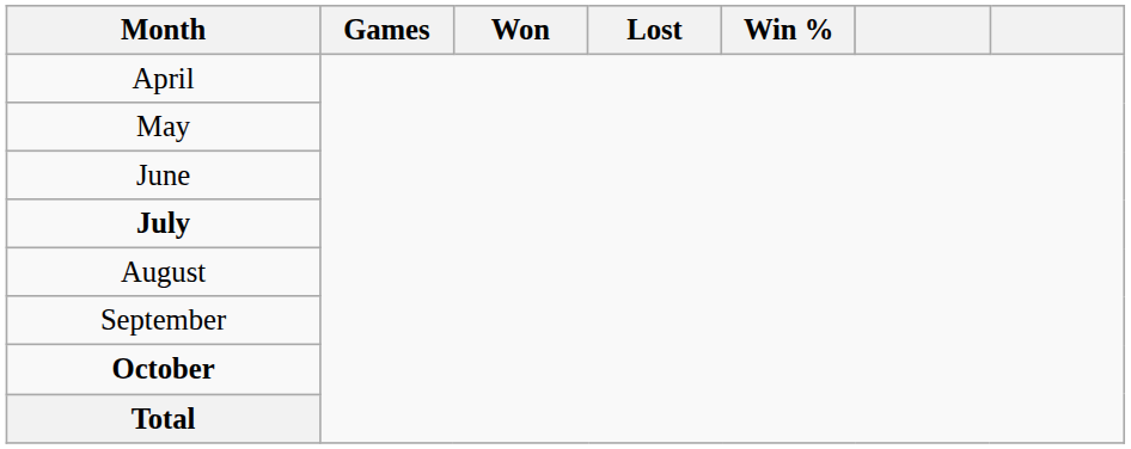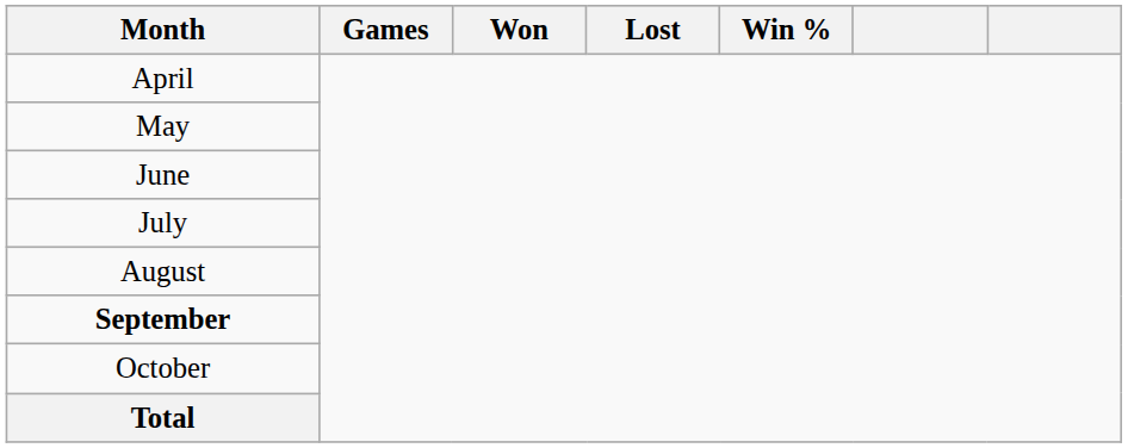 <table class="wikitable" style="margin:1em auto; font-size:95%; text-align:center; width:38em;">
 <tr>
 <th width="28%">Month</th>
 <th width="12%">Games</th>
 <th width="12%">Won</th>
 <th width="12%">Lost</th>
 <th width="12%">Win %</th>
 <th width="12%"></th>
 <th width="12%"></th>
 </tr>
 <tr>
 <td>April</td>
 </tr>
 <tr>
 <td>May</td>
 </tr>
 <tr>
 <td>June</td>
 </tr>
 <tr>
-<td><strong>July</strong></td>
+<td>July</td>
 </tr>
 <tr>
 <td>August</td>
 </tr>
 <tr>
-<td>September</td>
+<td><strong>September</strong></td>
 </tr>
 <tr>
-<td><strong>October</strong></td>
+<td>October</td>
 </tr>
 <tr>
 <th>Total</th>
 </tr>
 </table>
